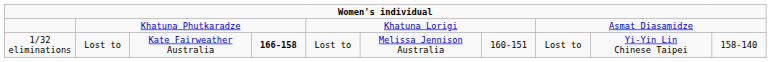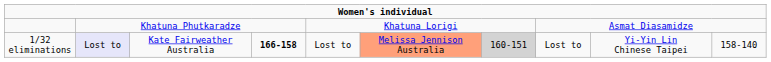 <table class="wikitable">
 <tr>
 <td align=center colspan=10><strong>Women's individual</strong></td>
 </tr>
 <tr>
 <td></td>
 <td align=center colspan=3><a href='#'>Khatuna Phutkaradze</a></td>
 <td align=center colspan=3><a href='#'>Khatuna Lorigi</a></td>
 <td align=center colspan=3><a href='#'>Asmat Diasamidze</a></td>
 </tr>
 <tr>
 <td width="100px" align=center>1/32 eliminations</td>
-<td width="75px" align= center>Lost to</td>
+<td width="75px" align= center style="background: lavender;">Lost to</td>
 <td width="175px" align=center><a href='#'>Kate Fairweather</a> <br>Australia</td>
 <td width="75px" align=center><strong>166-158</strong></td>
 <td width="75px" align= center>Lost to</td>
-<td width="175px" align=center><a href='#'>Melissa Jennison</a> <br>Australia</td>
-<td width="75px" align=center>160-151</td>
+<td width="175px" align=center style="background: lightsalmon;"><a href='#'>Melissa Jennison</a> <br>Australia</td>
+<td width="75px" align=center style="background: lightgrey;">160-151</td>
 <td width="75px" align= center>Lost to</td>
 <td width="175px" align=center><a href='#'>Yi-Yin Lin</a> <br>Chinese Taipei</td>
 <td width="75px" align=center>158-140</td>
 </tr>
 </table>
